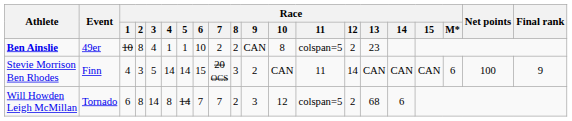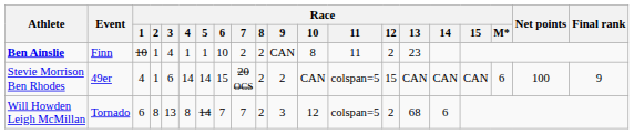 <table class="wikitable" style="font-size:90%">
 <tr>
 <th rowspan="2">Athlete</th>
 <th rowspan="2">Event</th>
 <th colspan=16>Race</th>
 <th rowspan=2>Net points</th>
 <th rowspan=2>Final rank</th>
 </tr>
 <tr style="font-size:95%">
 <th>1</th>
 <th>2</th>
 <th>3</th>
 <th>4</th>
 <th>5</th>
 <th>6</th>
 <th>7</th>
 <th>8</th>
 <th>9</th>
 <th>10</th>
 <th>11</th>
 <th>12</th>
 <th>13</th>
 <th>14</th>
 <th>15</th>
 <th>M*</th>
 </tr>
 <tr align=center>
 <td align=left><strong><a href='#'>Ben Ainslie</a></strong></td>
-<td align=left><a href='#'>49er</a></td>
+<td align=left><a href='#'>Finn</a></td>
 <td><s>10</s></td>
-<td>8</td>
+<td>1</td>
 <td>4</td>
 <td>1</td>
 <td>1</td>
 <td>10</td>
 <td>2</td>
 <td>2</td>
 <td>CAN</td>
 <td>8</td>
-<td>colspan=5 </td>
+<td>11</td>
 <td>2</td>
 <td>23</td>
 <td></td>
 </tr>
 <tr align=center>
 <td align=left><a href='#'>Stevie Morrison</a><br> <a href='#'>Ben Rhodes</a></td>
-<td align=left><a href='#'>Finn</a></td>
+<td align=left><a href='#'>49er</a></td>
 <td>4</td>
-<td>3</td>
-<td>5</td>
+<td>1</td>
+<td>6</td>
 <td>14</td>
 <td>14</td>
 <td>15</td>
 <td><s>20<br><small>OCS</small></s></td>
-<td>3</td>
+<td>2</td>
 <td>2</td>
 <td>CAN</td>
-<td>11</td>
-<td>14</td>
+<td>colspan=5 </td>
+<td>15</td>
 <td>CAN</td>
 <td>CAN</td>
 <td>CAN</td>
 <td>6</td>
 <td>100</td>
 <td>9</td>
 </tr>
 <tr align=center>
 <td align=left><a href='#'>Will Howden</a><br> <a href='#'>Leigh McMillan</a></td>
 <td align=left><a href='#'>Tornado</a></td>
 <td>6</td>
 <td>8</td>
-<td>14</td>
+<td>13</td>
 <td>8</td>
 <td><s>14</s></td>
 <td>7</td>
 <td>7</td>
 <td>2</td>
 <td>3</td>
 <td>12</td>
 <td>colspan=5 </td>
 <td>2</td>
 <td>68</td>
 <td>6</td>
 </tr>
 </table>
